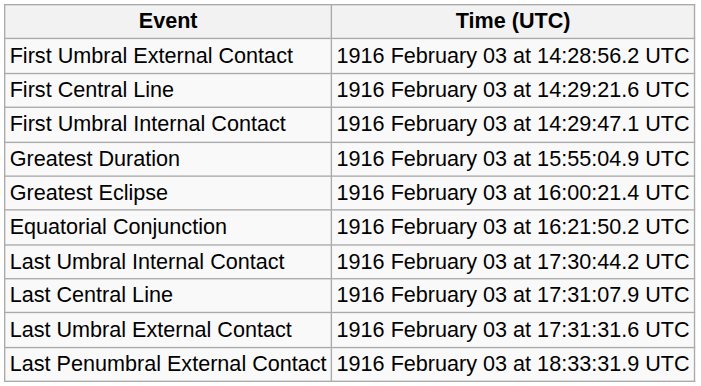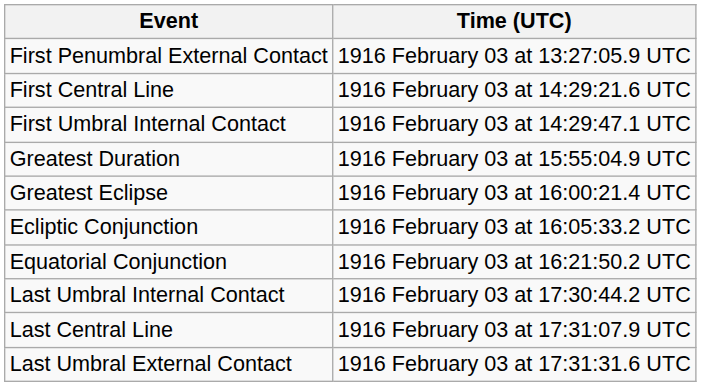 <table class="wikitable">
 <tr>
 <th>Event</th>
 <th>Time (UTC)</th>
 </tr>
 <tr>
-<td>First Umbral External Contact</td>
-<td>1916 February 03 at 14:28:56.2 UTC</td>
+<td>First Penumbral External Contact</td>
+<td>1916 February 03 at 13:27:05.9 UTC</td>
 </tr>
 <tr>
 <td>First Central Line</td>
 <td>1916 February 03 at 14:29:21.6 UTC</td>
 </tr>
 <tr>
 <td>First Umbral Internal Contact</td>
 <td>1916 February 03 at 14:29:47.1 UTC</td>
 </tr>
 <tr>
 <td>Greatest Duration</td>
 <td>1916 February 03 at 15:55:04.9 UTC</td>
 </tr>
 <tr>
 <td>Greatest Eclipse</td>
 <td>1916 February 03 at 16:00:21.4 UTC</td>
 </tr>
 <tr>
+<td>Ecliptic Conjunction</td>
+<td>1916 February 03 at 16:05:33.2 UTC</td>
+</tr>
+<tr>
 <td>Equatorial Conjunction</td>
 <td>1916 February 03 at 16:21:50.2 UTC</td>
 </tr>
 <tr>
 <td>Last Umbral Internal Contact</td>
 <td>1916 February 03 at 17:30:44.2 UTC</td>
 </tr>
 <tr>
 <td>Last Central Line</td>
 <td>1916 February 03 at 17:31:07.9 UTC</td>
 </tr>
 <tr>
 <td>Last Umbral External Contact</td>
 <td>1916 February 03 at 17:31:31.6 UTC</td>
 </tr>
-<tr>
-<td>Last Penumbral External Contact</td>
-<td>1916 February 03 at 18:33:31.9 UTC</td>
-</tr>
 </table>
